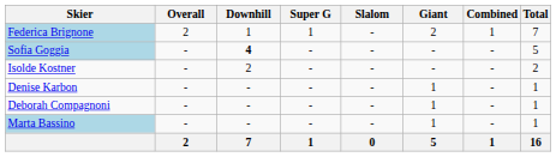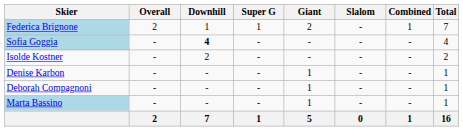 <table class="wikitable" width=60% style="font-size:100%; text-align:center;">
 <tr>
 <th style="width:30%">Skier</th>
 <th style="width:12%">Overall</th>
 <th style="width:12%">Downhill</th>
 <th style="width:12%">Super G</th>
+<th style="width:12%">Giant</th>
 <th style="width:12%">Slalom</th>
-<th style="width:12%">Giant</th>
 <th style="width:12%">Combined</th>
 <th style="width:12%">Total</th>
 </tr>
 <tr>
 <td align=left bgcolor=lightblue><a href='#'>Federica Brignone</a></td>
 <td>2</td>
 <td>1</td>
 <td>1</td>
+<td>2</td>
 <td>-</td>
-<td>2</td>
 <td>1</td>
 <td>7</td>
 </tr>
 <tr>
 <td align=left bgcolor=lightblue><a href='#'>Sofia Goggia</a></td>
 <td>-</td>
 <td><strong>4</strong></td>
 <td>-</td>
 <td>-</td>
 <td>-</td>
 <td>-</td>
-<td>5</td>
+<td>4</td>
 </tr>
 <tr>
 <td align=left><a href='#'>Isolde Kostner</a></td>
 <td>-</td>
 <td>2</td>
 <td>-</td>
 <td>-</td>
 <td>-</td>
 <td>-</td>
 <td>2</td>
 </tr>
 <tr>
 <td align=left><a href='#'>Denise Karbon</a></td>
 <td>-</td>
 <td>-</td>
 <td>-</td>
+<td>1</td>
 <td>-</td>
-<td>1</td>
 <td>-</td>
 <td>1</td>
 </tr>
 <tr>
 <td align=left><a href='#'>Deborah Compagnoni</a></td>
 <td>-</td>
 <td>-</td>
 <td>-</td>
+<td>1</td>
 <td>-</td>
-<td>1</td>
 <td>-</td>
 <td>1</td>
 </tr>
 <tr>
 <td align=left bgcolor=lightblue><a href='#'>Marta Bassino</a></td>
 <td>-</td>
 <td>-</td>
 <td>-</td>
+<td>1</td>
 <td>-</td>
-<td>1</td>
 <td>-</td>
 <td>1</td>
 </tr>
 <tr>
 <th></th>
 <th>2</th>
 <th>7</th>
 <th>1</th>
+<th>5</th>
 <th>0</th>
-<th>5</th>
 <th>1</th>
 <th>16</th>
 </tr>
 </table>
